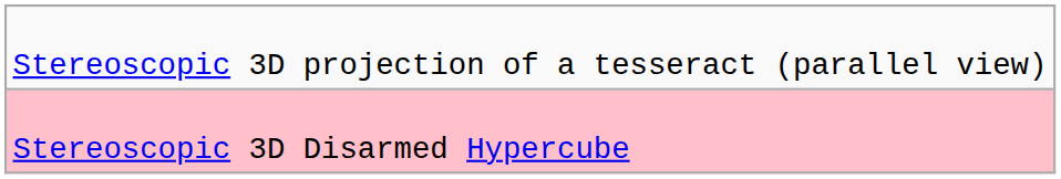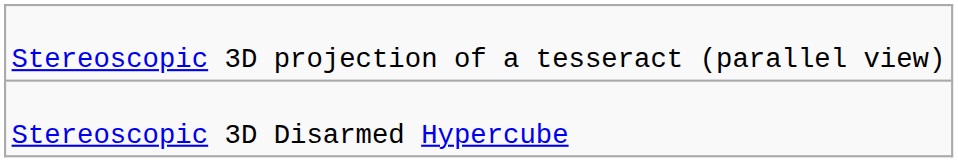 <table class=wikitable>
 <tr align=left valign=top>
 <td><br><a href='#'>Stereoscopic</a> 3D projection of a tesseract (parallel view)</td>
 </tr>
 <tr>
-<td style="background: pink;"><br><a href='#'>Stereoscopic</a> 3D Disarmed <a href='#'>Hypercube</a></td>
+<td><br><a href='#'>Stereoscopic</a> 3D Disarmed <a href='#'>Hypercube</a></td>
 </tr>
 </table>
